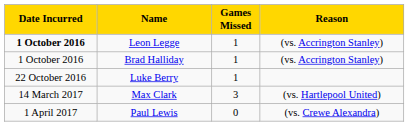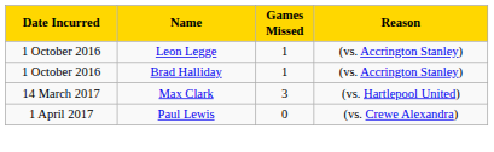 <table class="wikitable" style="font-size: 90%; text-align: center;">
 <tr>
 <th style="background:#FFD700; color:black; width:120px">Date Incurred</th>
 <th style="background:#FFD700; color:black; width:150px">Name</th>
 <th style="background:#FFD700; color:black; width:60px">Games Missed</th>
 <th style="background:#FFD700; color:black; width:190px">Reason</th>
 </tr>
 <tr>
-<td><strong>1 October 2016</strong></td>
+<td>1 October 2016</td>
 <td><a href='#'>Leon Legge</a></td>
 <td>1</td>
 <td> (vs. <a href='#'>Accrington Stanley</a>)</td>
 </tr>
 <tr>
 <td>1 October 2016</td>
 <td><a href='#'>Brad Halliday</a></td>
 <td>1</td>
 <td> (vs. <a href='#'>Accrington Stanley</a>)</td>
-</tr>
-<tr>
-<td>22 October 2016</td>
-<td><a href='#'>Luke Berry</a></td>
-<td>1</td>
-<td></td>
 </tr>
 <tr>
 <td>14 March 2017</td>
 <td><a href='#'>Max Clark</a></td>
 <td>3</td>
 <td> (vs. <a href='#'>Hartlepool United</a>)</td>
 </tr>
 <tr>
 <td>1 April 2017</td>
 <td><a href='#'>Paul Lewis</a></td>
 <td>0</td>
 <td> (vs. <a href='#'>Crewe Alexandra</a>)</td>
 </tr>
 </table>
